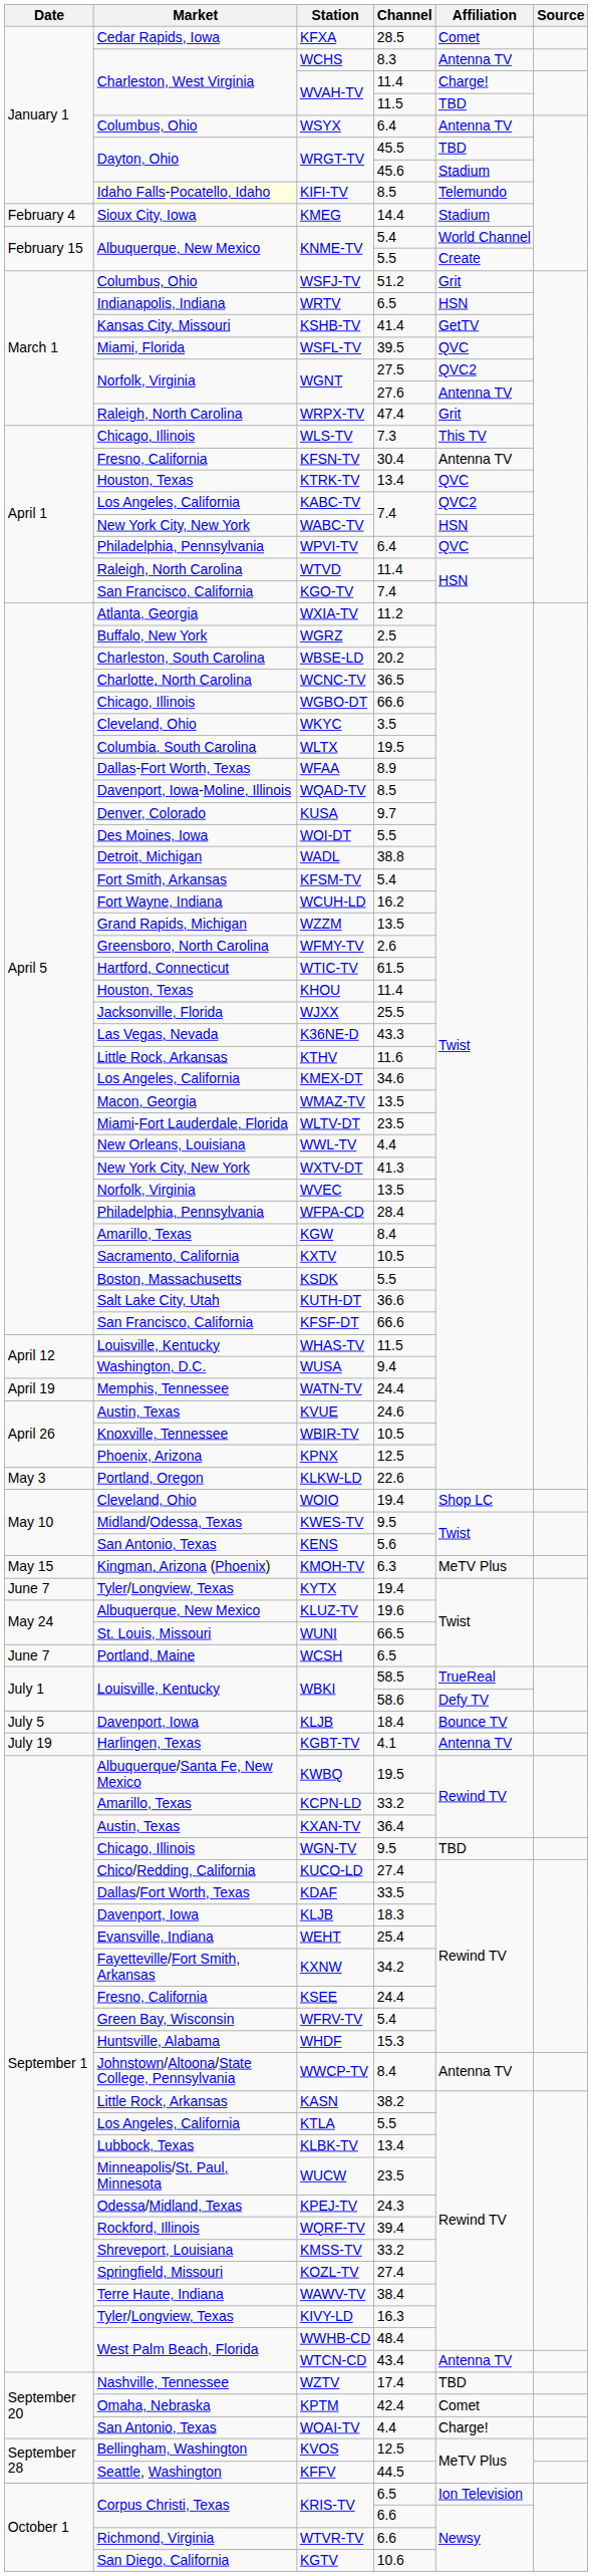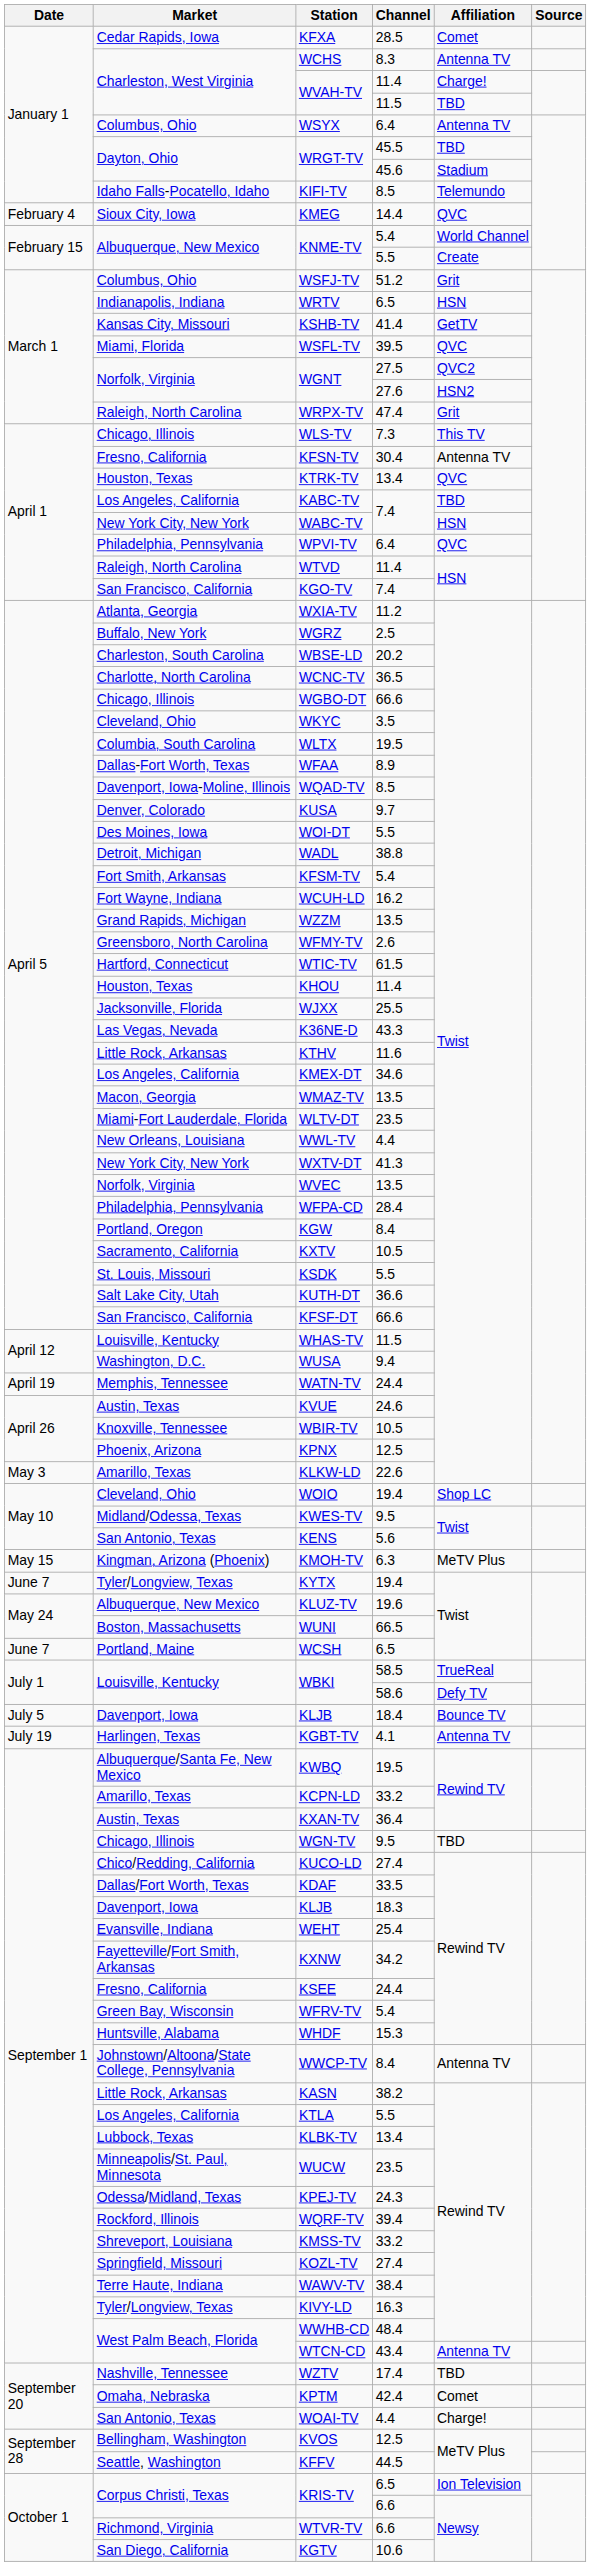 <table class="wikitable">
 <tr>
 <th style="text-align:center; width:95px;">Date</th>
 <th style="text-align:center; width:225px;">Market</th>
 <th style="text-align:center; width=75px;">Station</th>
 <th style="text-align:center; width=30px;">Channel</th>
 <th style="text-align:center; width=225px;">Affiliation</th>
 <th style="text-align:center;">Source</th>
 </tr>
 <tr>
 <td rowspan="8">January 1</td>
 <td><a href='#'>Cedar Rapids, Iowa</a></td>
 <td><a href='#'>KFXA</a></td>
 <td>28.5</td>
 <td><a href='#'>Comet</a></td>
 <td></td>
 </tr>
 <tr>
 <td rowspan="3"><a href='#'>Charleston, West Virginia</a></td>
 <td><a href='#'>WCHS</a></td>
 <td>8.3</td>
 <td><a href='#'>Antenna TV</a></td>
 <td></td>
 </tr>
 <tr>
 <td rowspan="2"><a href='#'>WVAH-TV</a></td>
 <td>11.4</td>
 <td><a href='#'>Charge!</a></td>
 <td rowspan="2"></td>
 </tr>
 <tr>
 <td>11.5</td>
 <td><a href='#'>TBD</a></td>
 </tr>
 <tr>
 <td><a href='#'>Columbus, Ohio</a></td>
 <td><a href='#'>WSYX</a></td>
 <td>6.4</td>
 <td><a href='#'>Antenna TV</a></td>
 <td rowspan="7"></td>
 </tr>
 <tr>
 <td rowspan="2"><a href='#'>Dayton, Ohio</a></td>
 <td rowspan="2"><a href='#'>WRGT-TV</a></td>
 <td>45.5</td>
 <td><a href='#'>TBD</a></td>
 </tr>
 <tr>
 <td>45.6</td>
 <td><a href='#'>Stadium</a></td>
 </tr>
 <tr>
-<td style="background: lightyellow;"><a href='#'>Idaho Falls</a>-<a href='#'>Pocatello, Idaho</a></td>
+<td><a href='#'>Idaho Falls</a>-<a href='#'>Pocatello, Idaho</a></td>
 <td><a href='#'>KIFI-TV</a></td>
 <td>8.5</td>
 <td><a href='#'>Telemundo</a></td>
 </tr>
 <tr>
 <td>February 4</td>
 <td><a href='#'>Sioux City, Iowa</a></td>
 <td><a href='#'>KMEG</a></td>
 <td>14.4</td>
-<td><a href='#'>Stadium</a></td>
+<td><a href='#'>QVC</a></td>
 </tr>
 <tr>
 <td rowspan="2">February 15</td>
 <td rowspan="2"><a href='#'>Albuquerque, New Mexico</a></td>
 <td rowspan="2"><a href='#'>KNME-TV</a></td>
 <td>5.4</td>
 <td><a href='#'>World Channel</a></td>
 </tr>
 <tr>
 <td>5.5</td>
 <td><a href='#'>Create</a></td>
 </tr>
 <tr>
 <td rowspan="7">March 1</td>
 <td><a href='#'>Columbus, Ohio</a></td>
 <td><a href='#'>WSFJ-TV</a></td>
 <td>51.2</td>
 <td><a href='#'>Grit</a></td>
 <td rowspan="15"></td>
 </tr>
 <tr>
 <td><a href='#'>Indianapolis, Indiana</a></td>
 <td><a href='#'>WRTV</a></td>
 <td>6.5</td>
 <td><a href='#'>HSN</a></td>
 </tr>
 <tr>
 <td><a href='#'>Kansas City, Missouri</a></td>
 <td><a href='#'>KSHB-TV</a></td>
 <td>41.4</td>
 <td><a href='#'>GetTV</a></td>
 </tr>
 <tr>
 <td><a href='#'>Miami, Florida</a></td>
 <td><a href='#'>WSFL-TV</a></td>
 <td>39.5</td>
 <td><a href='#'>QVC</a></td>
 </tr>
 <tr>
 <td rowspan="2"><a href='#'>Norfolk, Virginia</a></td>
 <td rowspan="2"><a href='#'>WGNT</a></td>
 <td>27.5</td>
 <td><a href='#'>QVC2</a></td>
 </tr>
 <tr>
 <td>27.6</td>
-<td><a href='#'>Antenna TV</a></td>
+<td><a href='#'>HSN2</a></td>
 </tr>
 <tr>
 <td><a href='#'>Raleigh, North Carolina</a></td>
 <td><a href='#'>WRPX-TV</a></td>
 <td>47.4</td>
 <td><a href='#'>Grit</a></td>
 </tr>
 <tr>
 <td rowspan="8">April 1</td>
 <td><a href='#'>Chicago, Illinois</a></td>
 <td><a href='#'>WLS-TV</a></td>
 <td>7.3</td>
 <td><a href='#'>This TV</a></td>
 </tr>
 <tr>
 <td><a href='#'>Fresno, California</a></td>
 <td><a href='#'>KFSN-TV</a></td>
 <td>30.4</td>
 <td>Antenna TV</td>
 </tr>
 <tr>
 <td><a href='#'>Houston, Texas</a></td>
 <td><a href='#'>KTRK-TV</a></td>
 <td>13.4</td>
 <td><a href='#'>QVC</a></td>
 </tr>
 <tr>
 <td><a href='#'>Los Angeles, California</a></td>
 <td><a href='#'>KABC-TV</a></td>
 <td rowspan="2">7.4</td>
-<td><a href='#'>QVC2</a></td>
+<td><a href='#'>TBD</a></td>
 </tr>
 <tr>
 <td><a href='#'>New York City, New York</a></td>
 <td><a href='#'>WABC-TV</a></td>
 <td><a href='#'>HSN</a></td>
 </tr>
 <tr>
 <td><a href='#'>Philadelphia, Pennsylvania</a></td>
 <td><a href='#'>WPVI-TV</a></td>
 <td>6.4</td>
 <td><a href='#'>QVC</a></td>
 </tr>
 <tr>
 <td><a href='#'>Raleigh, North Carolina</a></td>
 <td><a href='#'>WTVD</a></td>
 <td>11.4</td>
 <td rowspan="2"><a href='#'>HSN</a></td>
 </tr>
 <tr>
 <td><a href='#'>San Francisco, California</a></td>
 <td><a href='#'>KGO-TV</a></td>
 <td>7.4</td>
 </tr>
 <tr>
 <td rowspan="33">April 5</td>
 <td><a href='#'>Atlanta, Georgia</a></td>
 <td><a href='#'>WXIA-TV</a></td>
 <td>11.2</td>
 <td rowspan="40"><a href='#'>Twist</a></td>
 <td rowspan="40"></td>
 </tr>
 <tr>
 <td><a href='#'>Buffalo, New York</a></td>
 <td><a href='#'>WGRZ</a></td>
 <td>2.5</td>
 </tr>
 <tr>
 <td><a href='#'>Charleston, South Carolina</a></td>
 <td><a href='#'>WBSE-LD</a></td>
 <td>20.2</td>
 </tr>
 <tr>
 <td><a href='#'>Charlotte, North Carolina</a></td>
 <td><a href='#'>WCNC-TV</a></td>
 <td>36.5</td>
 </tr>
 <tr>
 <td><a href='#'>Chicago, Illinois</a></td>
 <td><a href='#'>WGBO-DT</a></td>
 <td>66.6</td>
 </tr>
 <tr>
 <td><a href='#'>Cleveland, Ohio</a></td>
 <td><a href='#'>WKYC</a></td>
 <td>3.5</td>
 </tr>
 <tr>
 <td><a href='#'>Columbia, South Carolina</a></td>
 <td><a href='#'>WLTX</a></td>
 <td>19.5</td>
 </tr>
 <tr>
 <td><a href='#'>Dallas</a>-<a href='#'>Fort Worth, Texas</a></td>
 <td><a href='#'>WFAA</a></td>
 <td>8.9</td>
 </tr>
 <tr>
 <td><a href='#'>Davenport, Iowa</a>-<a href='#'>Moline, Illinois</a></td>
 <td><a href='#'>WQAD-TV</a></td>
 <td>8.5</td>
 </tr>
 <tr>
 <td><a href='#'>Denver, Colorado</a></td>
 <td><a href='#'>KUSA</a></td>
 <td>9.7</td>
 </tr>
 <tr>
 <td><a href='#'>Des Moines, Iowa</a></td>
 <td><a href='#'>WOI-DT</a></td>
 <td>5.5</td>
 </tr>
 <tr>
 <td><a href='#'>Detroit, Michigan</a></td>
 <td><a href='#'>WADL</a></td>
 <td>38.8</td>
 </tr>
 <tr>
 <td><a href='#'>Fort Smith, Arkansas</a></td>
 <td><a href='#'>KFSM-TV</a></td>
 <td>5.4</td>
 </tr>
 <tr>
 <td><a href='#'>Fort Wayne, Indiana</a></td>
 <td><a href='#'>WCUH-LD</a></td>
 <td>16.2</td>
 </tr>
 <tr>
 <td><a href='#'>Grand Rapids, Michigan</a></td>
 <td><a href='#'>WZZM</a></td>
 <td>13.5</td>
 </tr>
 <tr>
 <td><a href='#'>Greensboro, North Carolina</a></td>
 <td><a href='#'>WFMY-TV</a></td>
 <td>2.6</td>
 </tr>
 <tr>
 <td><a href='#'>Hartford, Connecticut</a></td>
 <td><a href='#'>WTIC-TV</a></td>
 <td>61.5</td>
 </tr>
 <tr>
 <td><a href='#'>Houston, Texas</a></td>
 <td><a href='#'>KHOU</a></td>
 <td>11.4</td>
 </tr>
 <tr>
 <td><a href='#'>Jacksonville, Florida</a></td>
 <td><a href='#'>WJXX</a></td>
 <td>25.5</td>
 </tr>
 <tr>
 <td><a href='#'>Las Vegas, Nevada</a></td>
 <td><a href='#'>K36NE-D</a></td>
 <td>43.3</td>
 </tr>
 <tr>
 <td><a href='#'>Little Rock, Arkansas</a></td>
 <td><a href='#'>KTHV</a></td>
 <td>11.6</td>
 </tr>
 <tr>
 <td><a href='#'>Los Angeles, California</a></td>
 <td><a href='#'>KMEX-DT</a></td>
 <td>34.6</td>
 </tr>
 <tr>
 <td><a href='#'>Macon, Georgia</a></td>
 <td><a href='#'>WMAZ-TV</a></td>
 <td>13.5</td>
 </tr>
 <tr>
 <td><a href='#'>Miami</a>-<a href='#'>Fort Lauderdale, Florida</a></td>
 <td><a href='#'>WLTV-DT</a></td>
 <td>23.5</td>
 </tr>
 <tr>
 <td><a href='#'>New Orleans, Louisiana</a></td>
 <td><a href='#'>WWL-TV</a></td>
 <td>4.4</td>
 </tr>
 <tr>
 <td><a href='#'>New York City, New York</a></td>
 <td><a href='#'>WXTV-DT</a></td>
 <td>41.3</td>
 </tr>
 <tr>
 <td><a href='#'>Norfolk, Virginia</a></td>
 <td><a href='#'>WVEC</a></td>
 <td>13.5</td>
 </tr>
 <tr>
 <td><a href='#'>Philadelphia, Pennsylvania</a></td>
 <td><a href='#'>WFPA-CD</a></td>
 <td>28.4</td>
 </tr>
 <tr>
-<td><a href='#'>Amarillo, Texas</a></td>
+<td><a href='#'>Portland, Oregon</a></td>
 <td><a href='#'>KGW</a></td>
 <td>8.4</td>
 </tr>
 <tr>
 <td><a href='#'>Sacramento, California</a></td>
 <td><a href='#'>KXTV</a></td>
 <td>10.5</td>
 </tr>
 <tr>
-<td><a href='#'>Boston, Massachusetts</a></td>
+<td><a href='#'>St. Louis, Missouri</a></td>
 <td><a href='#'>KSDK</a></td>
 <td>5.5</td>
 </tr>
 <tr>
 <td><a href='#'>Salt Lake City, Utah</a></td>
 <td><a href='#'>KUTH-DT</a></td>
 <td>36.6</td>
 </tr>
 <tr>
 <td><a href='#'>San Francisco, California</a></td>
 <td><a href='#'>KFSF-DT</a></td>
 <td>66.6</td>
 </tr>
 <tr>
 <td rowspan="2">April 12</td>
 <td><a href='#'>Louisville, Kentucky</a></td>
 <td><a href='#'>WHAS-TV</a></td>
 <td>11.5</td>
 </tr>
 <tr>
 <td><a href='#'>Washington, D.C.</a></td>
 <td><a href='#'>WUSA</a></td>
 <td>9.4</td>
 </tr>
 <tr>
 <td>April 19</td>
 <td><a href='#'>Memphis, Tennessee</a></td>
 <td><a href='#'>WATN-TV</a></td>
 <td>24.4</td>
 </tr>
 <tr>
 <td rowspan="3">April 26</td>
 <td><a href='#'>Austin, Texas</a></td>
 <td><a href='#'>KVUE</a></td>
 <td>24.6</td>
 </tr>
 <tr>
 <td><a href='#'>Knoxville, Tennessee</a></td>
 <td><a href='#'>WBIR-TV</a></td>
 <td>10.5</td>
 </tr>
 <tr>
 <td><a href='#'>Phoenix, Arizona</a></td>
 <td><a href='#'>KPNX</a></td>
 <td>12.5</td>
 </tr>
 <tr>
 <td>May 3</td>
-<td><a href='#'>Portland, Oregon</a></td>
+<td><a href='#'>Amarillo, Texas</a></td>
 <td><a href='#'>KLKW-LD</a></td>
 <td>22.6</td>
 </tr>
 <tr>
 <td rowspan="3">May 10</td>
 <td><a href='#'>Cleveland, Ohio</a></td>
 <td><a href='#'>WOIO</a></td>
 <td>19.4</td>
 <td><a href='#'>Shop LC</a></td>
 <td></td>
 </tr>
 <tr>
 <td><a href='#'>Midland</a>/<a href='#'>Odessa, Texas</a></td>
 <td><a href='#'>KWES-TV</a></td>
 <td>9.5</td>
 <td rowspan="2"><a href='#'>Twist</a></td>
 <td rowspan="2"></td>
 </tr>
 <tr>
 <td><a href='#'>San Antonio, Texas</a></td>
 <td><a href='#'>KENS</a></td>
 <td>5.6</td>
 </tr>
 <tr>
 <td>May 15</td>
 <td><a href='#'>Kingman, Arizona</a> (<a href='#'>Phoenix</a>)</td>
 <td><a href='#'>KMOH-TV</a></td>
 <td>6.3</td>
 <td>MeTV Plus</td>
 <td></td>
 </tr>
 <tr>
 <td>June 7</td>
 <td><a href='#'>Tyler</a>/<a href='#'>Longview, Texas</a></td>
 <td><a href='#'>KYTX</a></td>
 <td>19.4</td>
 <td rowspan="4">Twist</td>
 <td rowspan=4></td>
 </tr>
 <tr>
 <td rowspan="2">May 24</td>
 <td><a href='#'>Albuquerque, New Mexico</a></td>
 <td><a href='#'>KLUZ-TV</a></td>
 <td>19.6</td>
 </tr>
 <tr>
-<td><a href='#'>St. Louis, Missouri</a></td>
+<td><a href='#'>Boston, Massachusetts</a></td>
 <td><a href='#'>WUNI</a></td>
 <td>66.5</td>
 </tr>
 <tr>
 <td>June 7</td>
 <td><a href='#'>Portland, Maine</a></td>
 <td><a href='#'>WCSH</a></td>
 <td>6.5</td>
 </tr>
 <tr>
 <td rowspan="2">July 1</td>
 <td rowspan="2"><a href='#'>Louisville, Kentucky</a></td>
 <td rowspan="2"><a href='#'>WBKI</a></td>
 <td>58.5</td>
 <td><a href='#'>TrueReal</a></td>
 <td rowspan="2"></td>
 </tr>
 <tr>
 <td>58.6</td>
 <td><a href='#'>Defy TV</a></td>
 </tr>
 <tr>
 <td>July 5</td>
 <td><a href='#'>Davenport, Iowa</a></td>
 <td><a href='#'>KLJB</a></td>
 <td>18.4</td>
 <td><a href='#'>Bounce TV</a></td>
 <td></td>
 </tr>
 <tr>
 <td>July 19</td>
 <td><a href='#'>Harlingen, Texas</a></td>
 <td><a href='#'>KGBT-TV</a></td>
 <td>4.1</td>
 <td><a href='#'>Antenna TV</a></td>
 <td></td>
 </tr>
 <tr>
 <td rowspan="25">September 1</td>
 <td><a href='#'>Albuquerque</a>/<a href='#'>Santa Fe, New Mexico</a></td>
 <td><a href='#'>KWBQ</a></td>
 <td>19.5</td>
 <td rowspan="3"><a href='#'>Rewind TV</a></td>
 <td rowspan="3"></td>
 </tr>
 <tr>
 <td><a href='#'>Amarillo, Texas</a></td>
 <td><a href='#'>KCPN-LD</a></td>
 <td>33.2</td>
 </tr>
 <tr>
 <td><a href='#'>Austin, Texas</a></td>
 <td><a href='#'>KXAN-TV</a></td>
 <td>36.4</td>
 </tr>
 <tr>
 <td><a href='#'>Chicago, Illinois</a></td>
 <td><a href='#'>WGN-TV</a></td>
 <td>9.5</td>
 <td>TBD</td>
 <td></td>
 </tr>
 <tr>
 <td><a href='#'>Chico</a>/<a href='#'>Redding, California</a></td>
 <td><a href='#'>KUCO-LD</a></td>
 <td>27.4</td>
 <td rowspan="8">Rewind TV</td>
 <td rowspan="8"></td>
 </tr>
 <tr>
 <td><a href='#'>Dallas</a>/<a href='#'>Fort Worth, Texas</a></td>
 <td><a href='#'>KDAF</a></td>
 <td>33.5</td>
 </tr>
 <tr>
 <td><a href='#'>Davenport, Iowa</a></td>
 <td><a href='#'>KLJB</a></td>
 <td>18.3</td>
 </tr>
 <tr>
 <td><a href='#'>Evansville, Indiana</a></td>
 <td><a href='#'>WEHT</a></td>
 <td>25.4</td>
 </tr>
 <tr>
 <td><a href='#'>Fayetteville</a>/<a href='#'>Fort Smith, Arkansas</a></td>
 <td><a href='#'>KXNW</a></td>
 <td>34.2</td>
 </tr>
 <tr>
 <td><a href='#'>Fresno, California</a></td>
 <td><a href='#'>KSEE</a></td>
 <td>24.4</td>
 </tr>
 <tr>
 <td><a href='#'>Green Bay, Wisconsin</a></td>
 <td><a href='#'>WFRV-TV</a></td>
 <td>5.4</td>
 </tr>
 <tr>
 <td><a href='#'>Huntsville, Alabama</a></td>
 <td><a href='#'>WHDF</a></td>
 <td>15.3</td>
 </tr>
 <tr>
 <td><a href='#'>Johnstown</a>/<a href='#'>Altoona</a>/<a href='#'>State College, Pennsylvania</a></td>
 <td><a href='#'>WWCP-TV</a></td>
 <td>8.4</td>
 <td>Antenna TV</td>
 <td></td>
 </tr>
 <tr>
 <td><a href='#'>Little Rock, Arkansas</a></td>
 <td><a href='#'>KASN</a></td>
 <td>38.2</td>
 <td rowspan="11">Rewind TV</td>
 <td rowspan="11"></td>
 </tr>
 <tr>
 <td><a href='#'>Los Angeles, California</a></td>
 <td><a href='#'>KTLA</a></td>
 <td>5.5</td>
 </tr>
 <tr>
 <td><a href='#'>Lubbock, Texas</a></td>
 <td><a href='#'>KLBK-TV</a></td>
 <td>13.4</td>
 </tr>
 <tr>
 <td><a href='#'>Minneapolis</a>/<a href='#'>St. Paul, Minnesota</a></td>
 <td><a href='#'>WUCW</a></td>
 <td>23.5</td>
 </tr>
 <tr>
 <td><a href='#'>Odessa</a>/<a href='#'>Midland, Texas</a></td>
 <td><a href='#'>KPEJ-TV</a></td>
 <td>24.3</td>
 </tr>
 <tr>
 <td><a href='#'>Rockford, Illinois</a></td>
 <td><a href='#'>WQRF-TV</a></td>
 <td>39.4</td>
 </tr>
 <tr>
 <td><a href='#'>Shreveport, Louisiana</a></td>
 <td><a href='#'>KMSS-TV</a></td>
 <td>33.2</td>
 </tr>
 <tr>
 <td><a href='#'>Springfield, Missouri</a></td>
 <td><a href='#'>KOZL-TV</a></td>
 <td>27.4</td>
 </tr>
 <tr>
 <td><a href='#'>Terre Haute, Indiana</a></td>
 <td><a href='#'>WAWV-TV</a></td>
 <td>38.4</td>
 </tr>
 <tr>
 <td><a href='#'>Tyler</a>/<a href='#'>Longview, Texas</a></td>
 <td><a href='#'>KIVY-LD</a></td>
 <td>16.3</td>
 </tr>
 <tr>
 <td rowspan="2"><a href='#'>West Palm Beach, Florida</a></td>
 <td><a href='#'>WWHB-CD</a></td>
 <td>48.4</td>
 </tr>
 <tr>
 <td><a href='#'>WTCN-CD</a></td>
 <td>43.4</td>
 <td><a href='#'>Antenna TV</a></td>
 <td></td>
 </tr>
 <tr>
 <td rowspan="3">September 20</td>
 <td><a href='#'>Nashville, Tennessee</a></td>
 <td><a href='#'>WZTV</a></td>
 <td>17.4</td>
 <td>TBD</td>
 <td></td>
 </tr>
 <tr>
 <td><a href='#'>Omaha, Nebraska</a></td>
 <td><a href='#'>KPTM</a></td>
 <td>42.4</td>
 <td>Comet</td>
 <td></td>
 </tr>
 <tr>
 <td><a href='#'>San Antonio, Texas</a></td>
 <td><a href='#'>WOAI-TV</a></td>
 <td>4.4</td>
 <td>Charge!</td>
 <td></td>
 </tr>
 <tr>
 <td rowspan="2">September 28</td>
 <td><a href='#'>Bellingham, Washington</a></td>
 <td><a href='#'>KVOS</a></td>
 <td>12.5</td>
 <td rowspan="2">MeTV Plus</td>
 <td></td>
 </tr>
 <tr>
 <td><a href='#'>Seattle</a>, <a href='#'>Washington</a></td>
 <td><a href='#'>KFFV</a></td>
 <td>44.5</td>
 <td></td>
 </tr>
 <tr>
 <td rowspan="4">October 1</td>
 <td rowspan="2"><a href='#'>Corpus Christi, Texas</a></td>
 <td rowspan="2"><a href='#'>KRIS-TV</a></td>
 <td>6.5</td>
 <td><a href='#'>Ion Television</a></td>
 <td rowspan="4"></td>
 </tr>
 <tr>
 <td>6.6</td>
 <td rowspan="3"><a href='#'>Newsy</a></td>
 </tr>
 <tr>
 <td><a href='#'>Richmond, Virginia</a></td>
 <td><a href='#'>WTVR-TV</a></td>
 <td>6.6</td>
 </tr>
 <tr>
 <td><a href='#'>San Diego, California</a></td>
 <td><a href='#'>KGTV</a></td>
 <td>10.6</td>
 </tr>
 </table>
